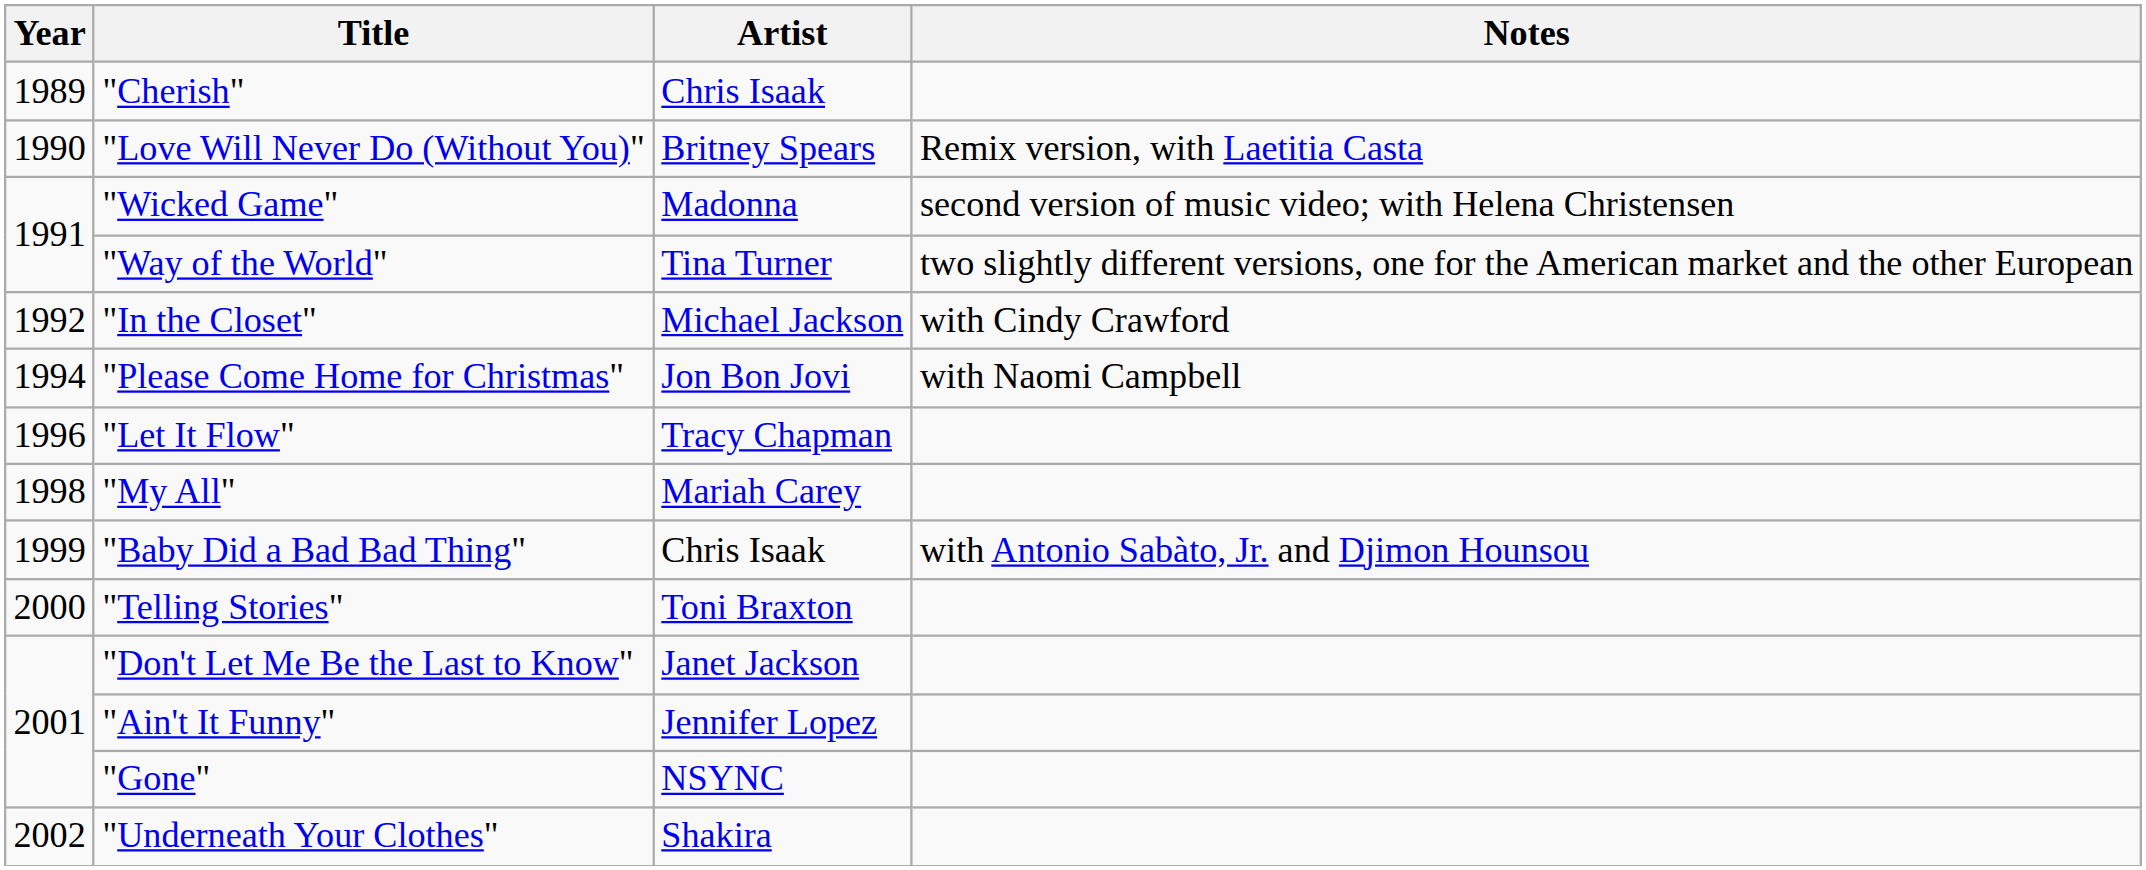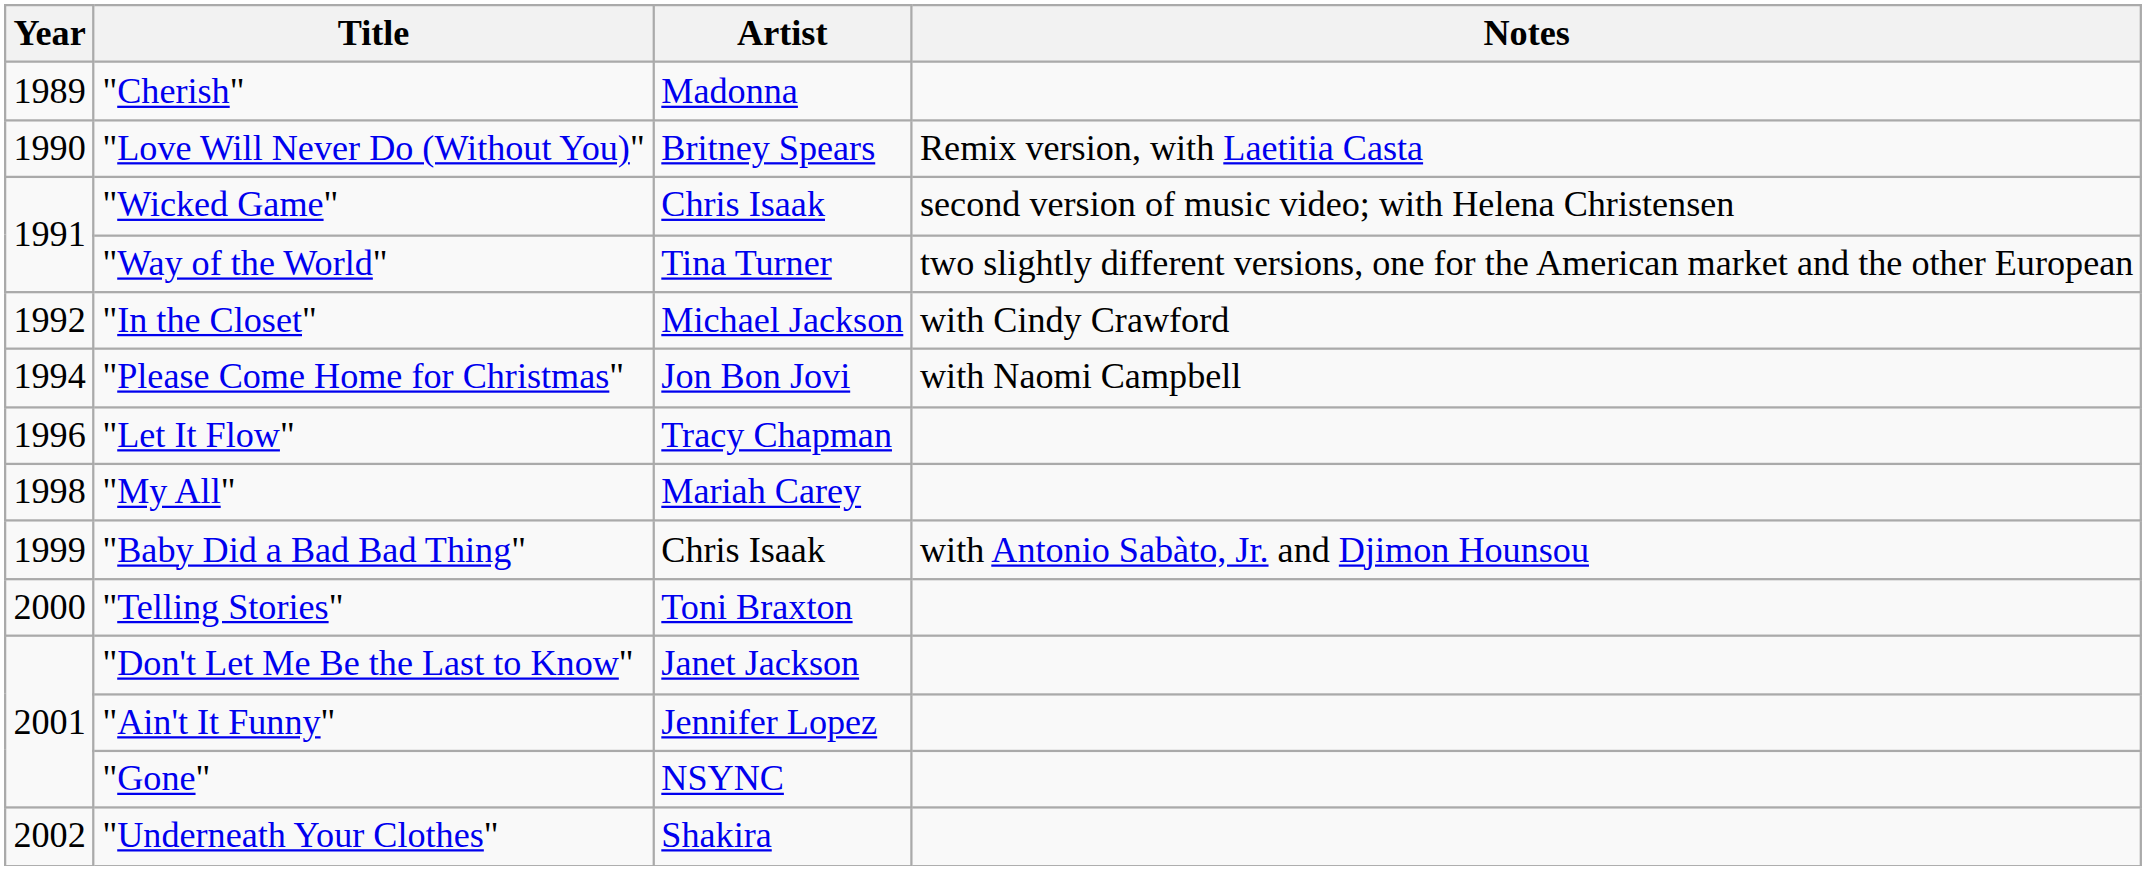 <table class="wikitable sortable">
 <tr>
 <th>Year</th>
 <th>Title</th>
 <th>Artist</th>
 <th class="unsortable">Notes</th>
 </tr>
 <tr>
 <td>1989</td>
 <td>"<a href='#'>Cherish</a>"</td>
-<td><a href='#'>Chris Isaak</a></td>
+<td><a href='#'>Madonna</a></td>
 </tr>
 <tr>
 <td>1990</td>
 <td>"<a href='#'>Love Will Never Do (Without You)</a>"</td>
 <td><a href='#'>Britney Spears</a></td>
 <td>Remix version, with <a href='#'>Laetitia Casta</a></td>
 </tr>
 <tr>
 <td rowspan="2">1991</td>
 <td>"<a href='#'>Wicked Game</a>"</td>
-<td><a href='#'>Madonna</a></td>
+<td><a href='#'>Chris Isaak</a></td>
 <td>second version of music video; with Helena Christensen</td>
 </tr>
 <tr>
 <td>"<a href='#'>Way of the World</a>"</td>
 <td><a href='#'>Tina Turner</a></td>
 <td>two slightly different versions, one for the American market and the other European</td>
 </tr>
 <tr>
 <td>1992</td>
 <td>"<a href='#'>In the Closet</a>"</td>
 <td><a href='#'>Michael Jackson</a></td>
 <td>with Cindy Crawford</td>
 </tr>
 <tr>
 <td>1994</td>
 <td>"<a href='#'>Please Come Home for Christmas</a>"</td>
 <td><a href='#'>Jon Bon Jovi</a></td>
 <td>with Naomi Campbell</td>
 </tr>
 <tr>
 <td>1996</td>
 <td>"<a href='#'>Let It Flow</a>"</td>
 <td><a href='#'>Tracy Chapman</a></td>
 <td></td>
 </tr>
 <tr>
 <td>1998</td>
 <td>"<a href='#'>My All</a>"</td>
 <td><a href='#'>Mariah Carey</a></td>
 <td></td>
 </tr>
 <tr>
 <td>1999</td>
 <td>"<a href='#'>Baby Did a Bad Bad Thing</a>"</td>
 <td>Chris Isaak</td>
 <td>with <a href='#'>Antonio Sabàto, Jr.</a> and <a href='#'>Djimon Hounsou</a></td>
 </tr>
 <tr>
 <td>2000</td>
 <td>"<a href='#'>Telling Stories</a>"</td>
 <td><a href='#'>Toni Braxton</a></td>
 <td></td>
 </tr>
 <tr>
 <td rowspan="3">2001</td>
 <td>"<a href='#'>Don't Let Me Be the Last to Know</a>"</td>
 <td><a href='#'>Janet Jackson</a></td>
 <td></td>
 </tr>
 <tr>
 <td>"<a href='#'>Ain't It Funny</a>"</td>
 <td><a href='#'>Jennifer Lopez</a></td>
 <td></td>
 </tr>
 <tr>
 <td>"<a href='#'>Gone</a>"</td>
 <td><a href='#'>NSYNC</a></td>
 <td></td>
 </tr>
 <tr>
 <td>2002</td>
 <td>"<a href='#'>Underneath Your Clothes</a>"</td>
 <td><a href='#'>Shakira</a></td>
 <td></td>
 </tr>
 </table>
